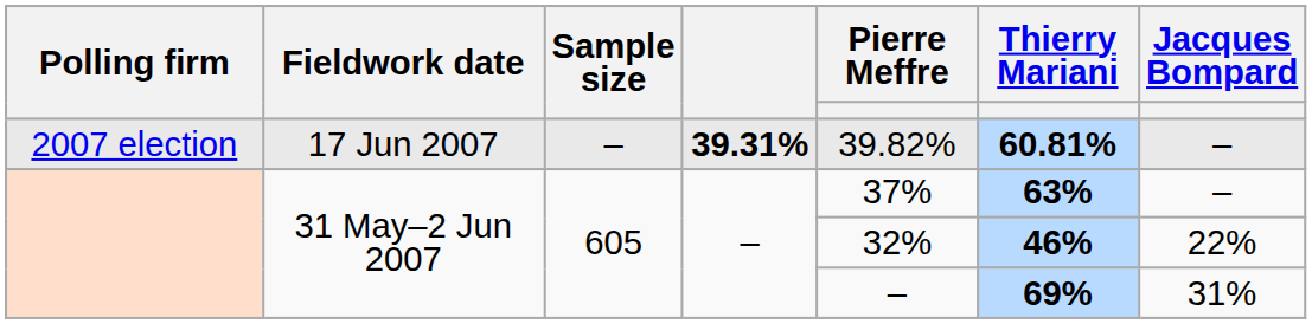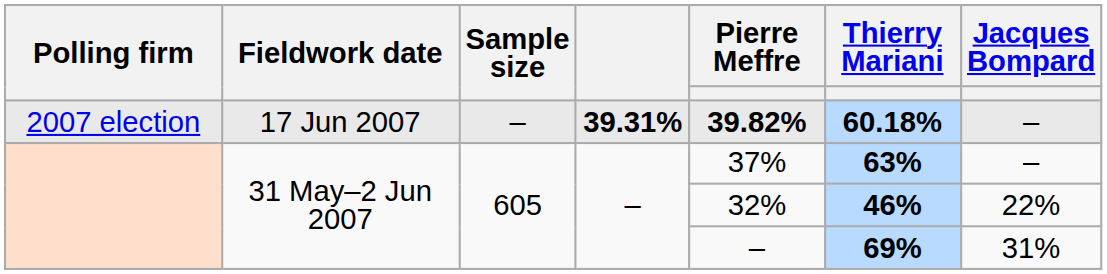 <table class="wikitable sortable" style="text-align:center;font-size:90%;line-height:14px;">
 <tr style="height:40px;">
 <th style="width:100px;" rowspan="2">Polling firm</th>
 <th style="width:110px;" rowspan="2">Fieldwork date</th>
 <th style="width:35px;" rowspan="2">Sample<br>size</th>
 <th style="width:30px;" rowspan="2"></th>
 <th class="unsortable" style="width:60px;">Pierre Meffre<br></th>
 <th class="unsortable" style="width:60px;"><a href='#'>Thierry Mariani</a><br></th>
 <th class="unsortable" style="width:60px;"><a href='#'>Jacques Bompard</a><br></th>
 </tr>
 <tr>
 <th style="background:"></th>
 <th style="background:"></th>
 <th style="background:"></th>
 </tr>
 <tr style="background:#E9E9E9;">
 <td><a href='#'>2007 election</a></td>
 <td data-sort-value="2007-06-17">17 Jun 2007</td>
 <td>–</td>
 <td><strong>39.31%</strong></td>
-<td>39.82%</td>
-<td style="background:#B9DAFF;"><strong>60.81%</strong></td>
+<td><strong>39.82%</strong></td>
+<td style="background:#B9DAFF;"><strong>60.18%</strong></td>
 <td>–</td>
 </tr>
 <tr>
 <td rowspan="3" style="background:#FFDFCC;"></td>
 <td rowspan="3" data-sort-value="2007-06-02">31 May–2 Jun 2007</td>
 <td rowspan="3">605</td>
 <td rowspan="3">–</td>
 <td>37%</td>
 <td style="background:#B9DAFF;"><strong>63%</strong></td>
 <td>–</td>
 </tr>
 <tr>
 <td>32%</td>
 <td style="background:#B9DAFF;"><strong>46%</strong></td>
 <td>22%</td>
 </tr>
 <tr>
 <td>–</td>
 <td style="background:#B9DAFF;"><strong>69%</strong></td>
 <td>31%</td>
 </tr>
 </table>
